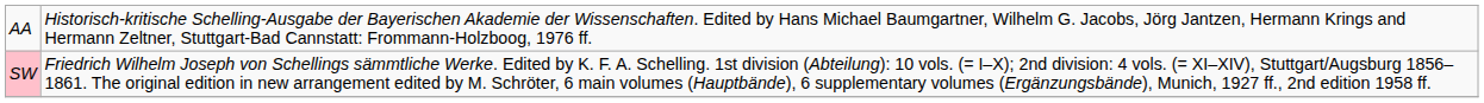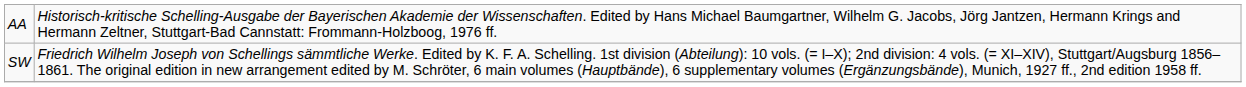 <table class="wikitable" style="font-size:90%">
 <tr>
 <td><em>AA</em></td>
 <td><em>Historisch-kritische Schelling-Ausgabe der Bayerischen Akademie der Wissenschaften</em>. Edited by Hans Michael Baumgartner, Wilhelm G. Jacobs, Jörg Jantzen, Hermann Krings and Hermann Zeltner, Stuttgart-Bad Cannstatt: Frommann-Holzboog, 1976 ff.</td>
 </tr>
 <tr>
-<td style="background: pink;"><em>SW</em></td>
+<td><em>SW</em></td>
 <td><em>Friedrich Wilhelm Joseph von Schellings sämmtliche Werke</em>. Edited by K. F. A. Schelling. 1st division (<em>Abteilung</em>): 10 vols. (= I–X); 2nd division: 4 vols. (= XI–XIV), Stuttgart/Augsburg 1856–1861. The original edition in new arrangement edited by M. Schröter, 6 main volumes (<em>Hauptbände</em>), 6 supplementary volumes (<em>Ergänzungsbände</em>), Munich, 1927 ff., 2nd edition 1958 ff.</td>
 </tr>
 <tr>
 </tr>
 </table>
